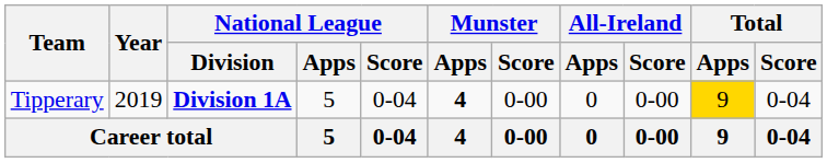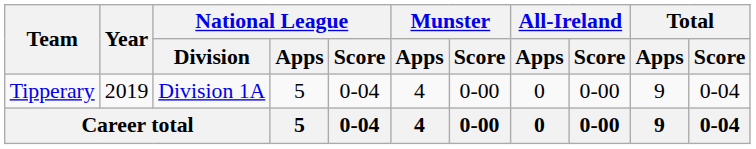 <table class="wikitable" style="text-align:center">
 <tr>
 <th rowspan="2">Team</th>
 <th rowspan="2">Year</th>
 <th colspan="3"><a href='#'>National League</a></th>
 <th colspan="2"><a href='#'>Munster</a></th>
 <th colspan="2"><a href='#'>All-Ireland</a></th>
 <th colspan="2">Total</th>
 </tr>
 <tr>
 <th>Division</th>
 <th>Apps</th>
 <th>Score</th>
 <th>Apps</th>
 <th>Score</th>
 <th>Apps</th>
 <th>Score</th>
 <th>Apps</th>
 <th>Score</th>
 </tr>
 <tr>
 <td rowspan="1"><a href='#'>Tipperary</a></td>
 <td>2019</td>
-<td rowspan="1"><strong><a href='#'>Division 1A</a></strong></td>
+<td rowspan="1"><a href='#'>Division 1A</a></td>
 <td>5</td>
 <td>0-04</td>
-<td><strong>4</strong></td>
+<td>4</td>
 <td>0-00</td>
 <td>0</td>
 <td>0-00</td>
-<td style="background: gold;">9</td>
+<td>9</td>
 <td>0-04</td>
 </tr>
 <tr>
 <th colspan="3">Career total</th>
 <th>5</th>
 <th>0-04</th>
 <th>4</th>
 <th>0-00</th>
 <th>0</th>
 <th>0-00</th>
 <th>9</th>
 <th>0-04</th>
 </tr>
 </table>
